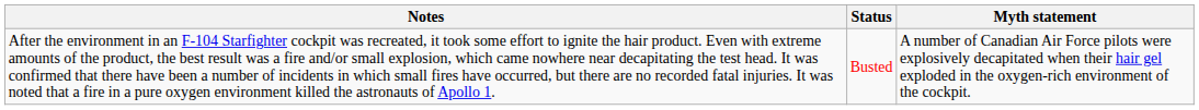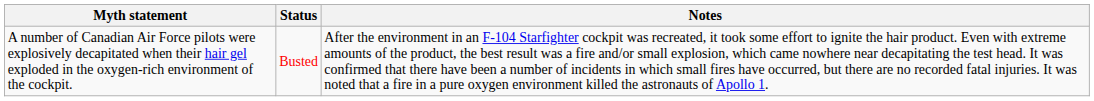 <table class="wikitable plainrowheaders">
 <tr>
+<th>Myth statement</th>
+<th>Status</th>
 <th>Notes</th>
-<th>Status</th>
-<th>Myth statement</th>
 </tr>
 <tr>
+<td>A number of Canadian Air Force pilots were explosively decapitated when their <a href='#'>hair gel</a> exploded in the oxygen-rich environment of the cockpit.</td>
+<td style="color:red">Busted</td>
 <td>After the environment in an <a href='#'>F-104 Starfighter</a> cockpit was recreated, it took some effort to ignite the hair product. Even with extreme amounts of the product, the best result was a fire and/or small explosion, which came nowhere near decapitating the test head. It was confirmed that there have been a number of incidents in which small fires have occurred, but there are no recorded fatal injuries. It was noted that a fire in a pure oxygen environment killed the astronauts of <a href='#'>Apollo 1</a>.</td>
-<td style="color:red">Busted</td>
-<td>A number of Canadian Air Force pilots were explosively decapitated when their <a href='#'>hair gel</a> exploded in the oxygen-rich environment of the cockpit.</td>
 </tr>
 </table>
